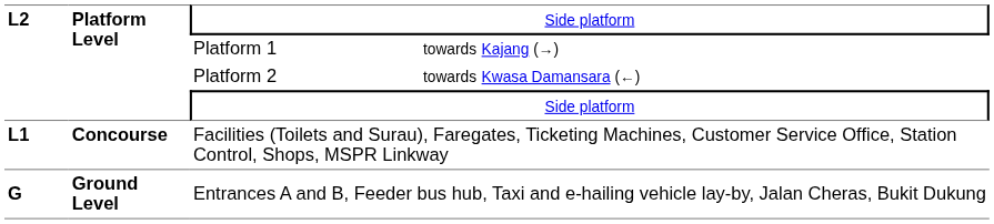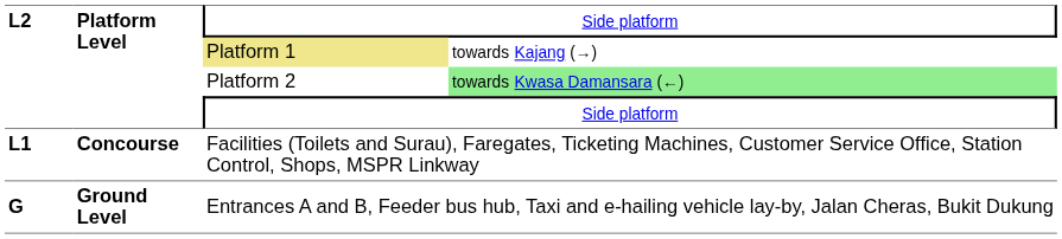 <table cellpadding="3" cellspacing="0" border="0">
 <tr>
 <td rowspan="4" valign="top" width="50" style="border-top:solid 1px gray;border-bottom:solid 1px gray;"><strong>L2</strong></td>
 <td rowspan="4" valign="top" width="100" style="border-top:solid 1px gray;border-bottom:solid 1px gray;"><strong>Platform Level</strong></td>
 <td colspan="2" style="width=500;border-top:solid 1px gray;border-right:solid 2px black;border-left:solid 2px black;border-bottom:solid 2px black;text-align:center;"><small><a href='#'>Side platform</a></small></td>
 </tr>
 <tr>
-<td>Platform 1</td>
+<td style="background: khaki;">Platform 1</td>
 <td>  <small>towards</small>  <small><a href='#'>Kajang</a> (→)</small></td>
 </tr>
 <tr>
 <td>Platform 2</td>
-<td>  <small>towards</small>  <small><a href='#'>Kwasa Damansara</a> (←)</small></td>
+<td style="background: lightgreen;">  <small>towards</small>  <small><a href='#'>Kwasa Damansara</a> (←)</small></td>
 </tr>
 <tr>
 <td colspan="2" style="width=500;border-top:solid 2px black;border-right:solid 2px black;border-left:solid 2px black;border-bottom:solid 1px gray;text-align:center;"><small><a href='#'>Side platform</a></small></td>
 </tr>
 <tr style="vertical-align:top;">
 <td style="border-bottom:solid 1px gray; "><strong>L1</strong></td>
 <td style="border-bottom:solid 1px gray; "><strong>Concourse</strong></td>
 <td colspan="2" width="500" style="border-bottom:solid 1px gray; ">Facilities (Toilets and Surau), Faregates, Ticketing Machines, Customer Service Office, Station Control, Shops, MSPR Linkway</td>
 </tr>
 <tr>
 <td style="border-bottom:solid 1px gray; "><strong>G</strong></td>
 <td style="border-bottom:solid 1px gray; "><strong>Ground Level</strong></td>
 <td colspan="2" style="border-bottom:solid 1px gray; ">Entrances A and B, Feeder bus hub, Taxi and e-hailing vehicle lay-by, Jalan Cheras, Bukit Dukung</td>
 </tr>
 </table>
